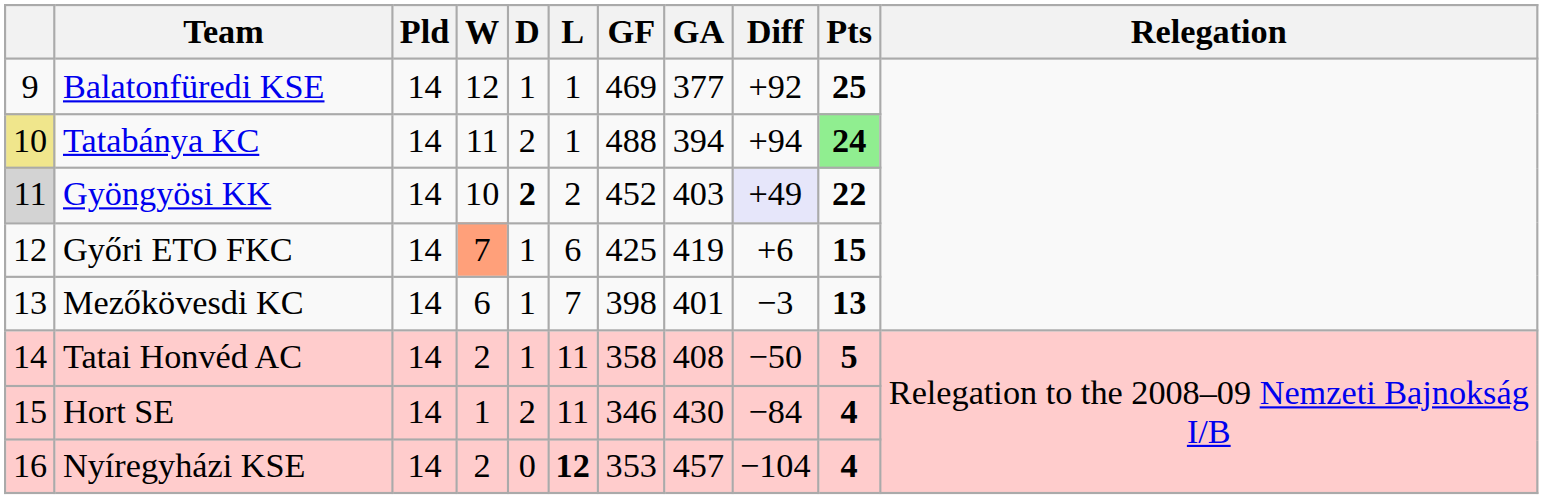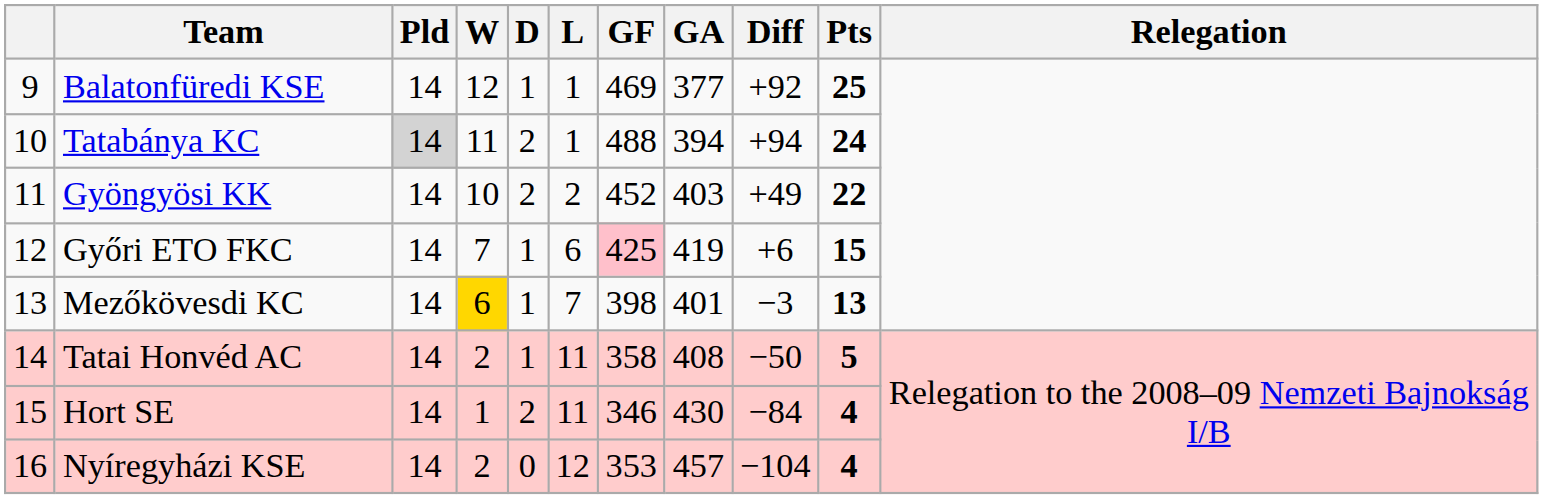 <table class="wikitable sortable" style="text-align:center">
 <tr>
 <th></th>
 <th width="150">Team</th>
 <th>Pld</th>
 <th>W</th>
 <th>D</th>
 <th>L</th>
 <th>GF</th>
 <th>GA</th>
 <th>Diff</th>
 <th>Pts</th>
 <th width="300">Relegation</th>
 </tr>
 <tr>
 <td>9</td>
 <td align=left><a href='#'>Balatonfüredi KSE</a></td>
 <td>14</td>
 <td>12</td>
 <td>1</td>
 <td>1</td>
 <td>469</td>
 <td>377</td>
 <td>+92</td>
 <td><strong>25</strong></td>
 </tr>
 <tr>
-<td style="background: khaki;">10</td>
+<td>10</td>
 <td align=left><a href='#'>Tatabánya KC</a></td>
-<td>14</td>
+<td style="background: lightgrey;">14</td>
 <td>11</td>
 <td>2</td>
 <td>1</td>
 <td>488</td>
 <td>394</td>
 <td>+94</td>
-<td style="background: lightgreen;"><strong>24</strong></td>
+<td><strong>24</strong></td>
 </tr>
 <tr>
-<td style="background: lightgrey;">11</td>
+<td>11</td>
 <td align=left><a href='#'>Gyöngyösi KK</a></td>
 <td>14</td>
 <td>10</td>
-<td><strong>2</strong></td>
+<td>2</td>
 <td>2</td>
 <td>452</td>
 <td>403</td>
-<td style="background: lavender;">+49</td>
+<td>+49</td>
 <td><strong>22</strong></td>
 </tr>
 <tr>
 <td>12</td>
 <td align=left>Győri ETO FKC</td>
 <td>14</td>
-<td style="background: lightsalmon;">7</td>
+<td>7</td>
 <td>1</td>
 <td>6</td>
-<td>425</td>
+<td style="background: pink;">425</td>
 <td>419</td>
 <td>+6</td>
 <td><strong>15</strong></td>
 </tr>
 <tr>
 <td>13</td>
 <td align=left>Mezőkövesdi KC</td>
 <td>14</td>
-<td>6</td>
+<td style="background: gold;">6</td>
 <td>1</td>
 <td>7</td>
 <td>398</td>
 <td>401</td>
 <td>−3</td>
 <td><strong>13</strong></td>
 </tr>
 <tr style="background: #FFCCCC;">
 <td>14</td>
 <td align=left>Tatai Honvéd AC</td>
 <td>14</td>
 <td>2</td>
 <td>1</td>
 <td>11</td>
 <td>358</td>
 <td>408</td>
 <td>−50</td>
 <td><strong>5</strong></td>
 <td rowspan="3">Relegation to the 2008–09 <a href='#'>Nemzeti Bajnokság I/B</a></td>
 </tr>
 <tr style="background: #FFCCCC;">
 <td>15</td>
 <td align=left>Hort SE</td>
 <td>14</td>
 <td>1</td>
 <td>2</td>
 <td>11</td>
 <td>346</td>
 <td>430</td>
 <td>−84</td>
 <td><strong>4</strong></td>
 </tr>
 <tr style="background: #FFCCCC;">
 <td>16</td>
 <td align=left>Nyíregyházi KSE</td>
 <td>14</td>
 <td>2</td>
 <td>0</td>
-<td><strong>12</strong></td>
+<td>12</td>
 <td>353</td>
 <td>457</td>
 <td>−104</td>
 <td><strong>4</strong></td>
 </tr>
 </table>
